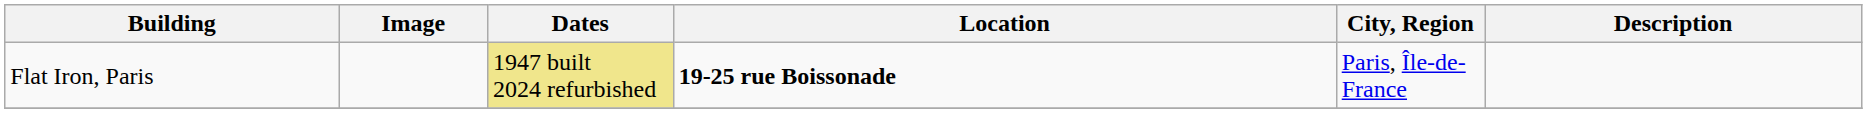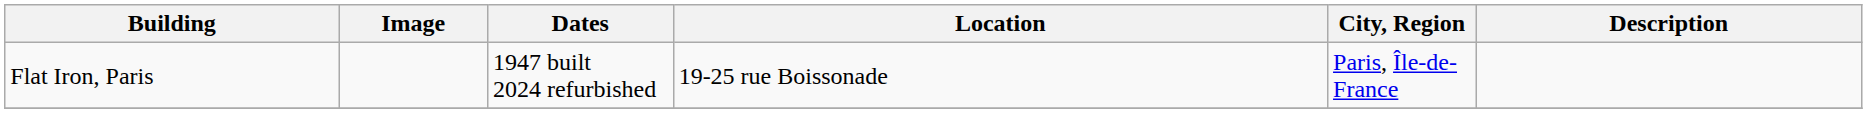 <table class="wikitable sortable" style="width:98%">
 <tr>
 <th width = 18%><strong>Building</strong></th>
 <th width = 8% class="unsortable"><strong>Image</strong></th>
 <th width = 10%><strong>Dates</strong></th>
 <th><strong>Location</strong></th>
 <th width = 8%><strong>City, Region</strong></th>
 <th class="unsortable"><strong>Description</strong></th>
 </tr>
 <tr>
 <td>Flat Iron, Paris</td>
 <td></td>
-<td style="background: khaki;">1947 built<br>2024 refurbished</td>
-<td><strong>19-25 rue Boissonade <br></strong></td>
+<td>1947 built<br>2024 refurbished</td>
+<td>19-25 rue Boissonade <br></td>
 <td><a href='#'>Paris</a>, <a href='#'>Île-de-France</a></td>
 <td></td>
 </tr>
 <tr>
 </tr>
 </table>
